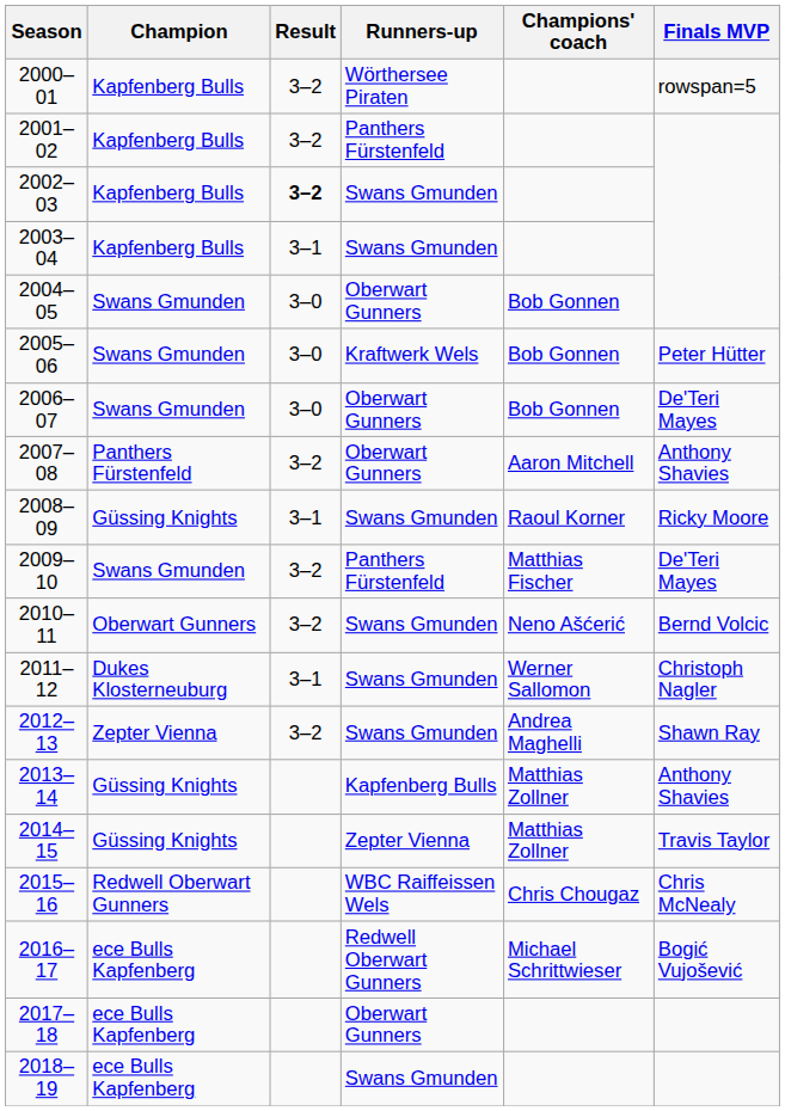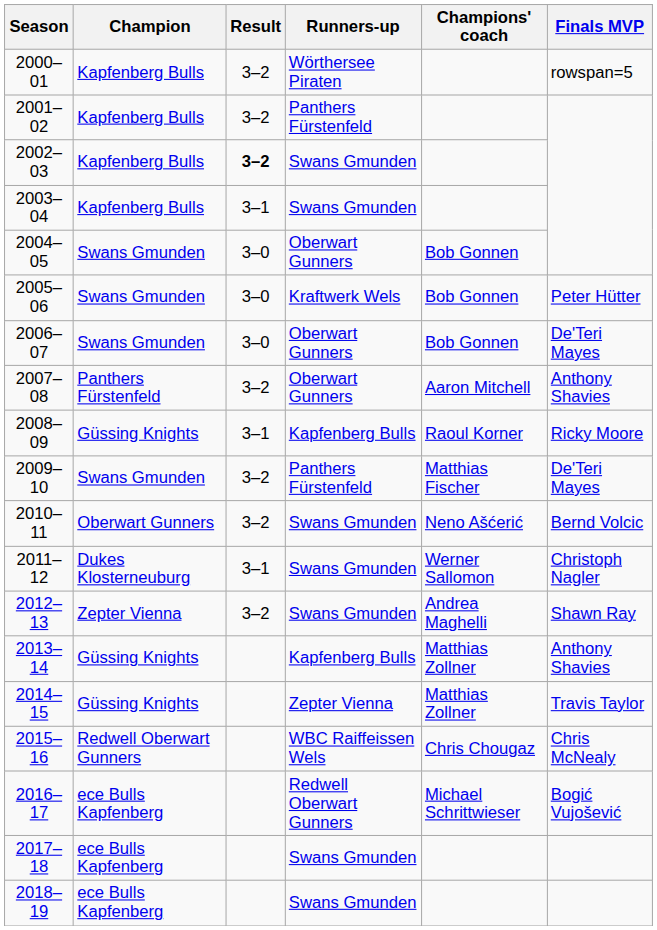 <table class="wikitable sortable" width=100%>
 <tr>
 <th>Season</th>
 <th>Champion</th>
 <th>Result</th>
 <th>Runners-up</th>
 <th>Champions' coach</th>
 <th><a href='#'>Finals MVP</a></th>
 </tr>
 <tr>
 <td align=center>2000–01</td>
 <td><a href='#'>Kapfenberg Bulls</a></td>
 <td align=center>3–2</td>
 <td><a href='#'>Wörthersee Piraten</a></td>
 <td></td>
 <td>rowspan=5 </td>
 </tr>
 <tr>
 <td align=center>2001–02</td>
 <td><a href='#'>Kapfenberg Bulls</a></td>
 <td align=center>3–2</td>
 <td><a href='#'>Panthers Fürstenfeld</a></td>
 <td></td>
 </tr>
 <tr>
 <td align=center>2002–03</td>
 <td><a href='#'>Kapfenberg Bulls</a></td>
 <td align=center><strong>3–2</strong></td>
 <td><a href='#'>Swans Gmunden</a></td>
 <td></td>
 </tr>
 <tr>
 <td align=center>2003–04</td>
 <td><a href='#'>Kapfenberg Bulls</a></td>
 <td align=center>3–1</td>
 <td><a href='#'>Swans Gmunden</a></td>
 <td></td>
 </tr>
 <tr>
 <td align=center>2004–05</td>
 <td><a href='#'>Swans Gmunden</a></td>
 <td align=center>3–0</td>
 <td><a href='#'>Oberwart Gunners</a></td>
 <td> <a href='#'>Bob Gonnen</a></td>
 </tr>
 <tr>
 <td align=center>2005–06</td>
 <td><a href='#'>Swans Gmunden</a></td>
 <td align=center>3–0</td>
 <td><a href='#'>Kraftwerk Wels</a></td>
 <td> <a href='#'>Bob Gonnen</a></td>
 <td> <a href='#'>Peter Hütter</a></td>
 </tr>
 <tr>
 <td align=center>2006–07</td>
 <td><a href='#'>Swans Gmunden</a></td>
 <td align=center>3–0</td>
 <td><a href='#'>Oberwart Gunners</a></td>
 <td> <a href='#'>Bob Gonnen</a></td>
 <td> <a href='#'>De'Teri Mayes</a></td>
 </tr>
 <tr>
 <td align=center>2007–08</td>
 <td><a href='#'>Panthers Fürstenfeld</a></td>
 <td align=center>3–2</td>
 <td><a href='#'>Oberwart Gunners</a></td>
 <td> <a href='#'>Aaron Mitchell</a></td>
 <td> <a href='#'>Anthony Shavies</a></td>
 </tr>
 <tr>
 <td align=center>2008–09</td>
 <td><a href='#'>Güssing Knights</a></td>
 <td align=center>3–1</td>
-<td><a href='#'>Swans Gmunden</a></td>
+<td><a href='#'>Kapfenberg Bulls</a></td>
 <td> <a href='#'>Raoul Korner</a></td>
 <td> <a href='#'>Ricky Moore</a></td>
 </tr>
 <tr>
 <td align=center>2009–10</td>
 <td><a href='#'>Swans Gmunden</a></td>
 <td align=center>3–2</td>
 <td><a href='#'>Panthers Fürstenfeld</a></td>
 <td> <a href='#'>Matthias Fischer</a></td>
 <td> <a href='#'>De'Teri Mayes</a></td>
 </tr>
 <tr>
 <td align=center>2010–11</td>
 <td><a href='#'>Oberwart Gunners</a></td>
 <td align=center>3–2</td>
 <td><a href='#'>Swans Gmunden</a></td>
 <td> <a href='#'>Neno Ašćerić</a></td>
 <td> <a href='#'>Bernd Volcic</a></td>
 </tr>
 <tr>
 <td align=center>2011–12</td>
 <td><a href='#'>Dukes Klosterneuburg</a></td>
 <td align=center>3–1</td>
 <td><a href='#'>Swans Gmunden</a></td>
 <td> <a href='#'>Werner Sallomon</a></td>
 <td> <a href='#'>Christoph Nagler</a></td>
 </tr>
 <tr>
 <td align=center><a href='#'>2012–13</a></td>
 <td><a href='#'>Zepter Vienna</a></td>
 <td align=center>3–2</td>
 <td><a href='#'>Swans Gmunden</a></td>
 <td> <a href='#'>Andrea Maghelli</a></td>
 <td> <a href='#'>Shawn Ray</a></td>
 </tr>
 <tr>
 <td align=center><a href='#'>2013–14</a></td>
 <td><a href='#'>Güssing Knights</a></td>
 <td></td>
 <td><a href='#'>Kapfenberg Bulls</a></td>
 <td> <a href='#'>Matthias Zollner</a></td>
 <td> <a href='#'>Anthony Shavies</a></td>
 </tr>
 <tr>
 <td align=center><a href='#'>2014–15</a></td>
 <td><a href='#'>Güssing Knights</a></td>
 <td></td>
 <td><a href='#'>Zepter Vienna</a></td>
 <td> <a href='#'>Matthias Zollner</a></td>
 <td> <a href='#'>Travis Taylor</a></td>
 </tr>
 <tr>
 <td align=center><a href='#'>2015–16</a></td>
 <td><a href='#'>Redwell Oberwart Gunners</a></td>
 <td></td>
 <td><a href='#'>WBC Raiffeissen Wels</a></td>
 <td> <a href='#'>Chris Chougaz</a></td>
 <td> <a href='#'>Chris McNealy</a></td>
 </tr>
 <tr>
 <td align=center><a href='#'>2016–17</a></td>
 <td><a href='#'>ece Bulls Kapfenberg</a></td>
 <td></td>
 <td><a href='#'>Redwell Oberwart Gunners</a></td>
 <td> <a href='#'>Michael Schrittwieser</a></td>
 <td> <a href='#'>Bogić Vujošević</a></td>
 </tr>
 <tr>
 <td align=center><a href='#'>2017–18</a></td>
 <td><a href='#'>ece Bulls Kapfenberg</a></td>
 <td></td>
-<td><a href='#'>Oberwart Gunners</a></td>
+<td><a href='#'>Swans Gmunden</a></td>
 <td></td>
 <td></td>
 </tr>
 <tr>
 <td align=center><a href='#'>2018–19</a></td>
 <td><a href='#'>ece Bulls Kapfenberg</a></td>
 <td></td>
 <td><a href='#'>Swans Gmunden</a></td>
 <td></td>
 <td></td>
 </tr>
 </table>
